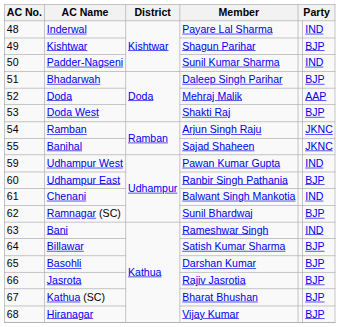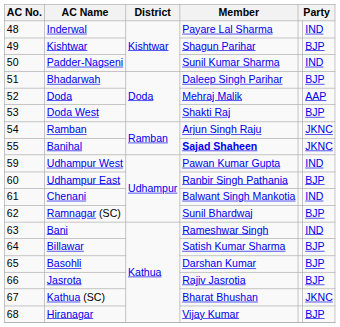 <table class="wikitable">
 <tr>
 <th>AC No.</th>
 <th>AC Name</th>
 <th>District</th>
 <th>Member</th>
 <th colspan="2">Party</th>
 </tr>
 <tr>
 <td>48</td>
 <td><a href='#'>Inderwal</a></td>
 <td rowspan="3"><a href='#'>Kishtwar</a></td>
 <td><a href='#'>Payare Lal Sharma</a></td>
 <td style="background-color: "></td>
 <td><a href='#'>IND</a></td>
 </tr>
 <tr>
 <td>49</td>
 <td><a href='#'>Kishtwar</a></td>
 <td><a href='#'>Shagun Parihar</a></td>
 <td style="background-color: "></td>
 <td><a href='#'>BJP</a></td>
 </tr>
 <tr>
 <td>50</td>
 <td><a href='#'>Padder-Nagseni</a></td>
 <td><a href='#'>Sunil Kumar Sharma</a></td>
 <td style="background-color: "></td>
 <td><a href='#'>IND</a></td>
 </tr>
 <tr>
 <td>51</td>
 <td><a href='#'>Bhadarwah</a></td>
 <td rowspan="3"><a href='#'>Doda</a></td>
 <td><a href='#'>Daleep Singh Parihar</a></td>
 <td style="background-color: "></td>
 <td><a href='#'>BJP</a></td>
 </tr>
 <tr>
 <td>52</td>
 <td><a href='#'>Doda</a></td>
 <td><a href='#'>Mehraj Malik</a></td>
 <td style="background-color: "></td>
 <td><a href='#'>AAP</a></td>
 </tr>
 <tr>
 <td>53</td>
 <td><a href='#'>Doda West</a></td>
 <td><a href='#'>Shakti Raj</a></td>
 <td style="background-color: "></td>
 <td><a href='#'>BJP</a></td>
 </tr>
 <tr>
 <td>54</td>
 <td><a href='#'>Ramban</a></td>
 <td rowspan="2"><a href='#'>Ramban</a></td>
 <td><a href='#'>Arjun Singh Raju</a></td>
 <td style="background-color: "></td>
 <td><a href='#'>JKNC</a></td>
 </tr>
 <tr>
 <td>55</td>
 <td><a href='#'>Banihal</a></td>
-<td><a href='#'>Sajad Shaheen</a></td>
+<td><strong><a href='#'>Sajad Shaheen</a></strong></td>
 <td style="background-color: "></td>
 <td><a href='#'>JKNC</a></td>
 </tr>
 <tr>
 <td>59</td>
 <td><a href='#'>Udhampur West</a></td>
 <td rowspan="4"><a href='#'>Udhampur</a></td>
 <td><a href='#'>Pawan Kumar Gupta</a></td>
 <td style="background-color: "></td>
 <td><a href='#'>IND</a></td>
 </tr>
 <tr>
 <td>60</td>
 <td><a href='#'>Udhampur East</a></td>
 <td><a href='#'>Ranbir Singh Pathania</a></td>
 <td style="background-color: "></td>
 <td><a href='#'>BJP</a></td>
 </tr>
 <tr>
 <td>61</td>
 <td><a href='#'>Chenani</a></td>
 <td><a href='#'>Balwant Singh Mankotia</a></td>
 <td style="background-color: "></td>
 <td><a href='#'>IND</a></td>
 </tr>
 <tr>
 <td>62</td>
 <td><a href='#'>Ramnagar</a> (SC)</td>
 <td><a href='#'>Sunil Bhardwaj</a></td>
 <td style="background-color: "></td>
 <td><a href='#'>BJP</a></td>
 </tr>
 <tr>
 <td>63</td>
 <td><a href='#'>Bani</a></td>
 <td rowspan="6"><a href='#'>Kathua</a></td>
 <td><a href='#'>Rameshwar Singh</a></td>
 <td style="background-color:"></td>
 <td><a href='#'>IND</a></td>
 </tr>
 <tr>
 <td>64</td>
 <td><a href='#'>Billawar</a></td>
 <td><a href='#'>Satish Kumar Sharma</a></td>
 <td></td>
 <td><a href='#'>BJP</a></td>
 </tr>
 <tr>
 <td>65</td>
 <td><a href='#'>Basohli</a></td>
 <td><a href='#'>Darshan Kumar</a></td>
 <td></td>
 <td><a href='#'>BJP</a></td>
 </tr>
 <tr>
 <td>66</td>
 <td><a href='#'>Jasrota</a></td>
 <td><a href='#'>Rajiv Jasrotia</a></td>
 <td></td>
 <td><a href='#'>BJP</a></td>
 </tr>
 <tr>
 <td>67</td>
 <td><a href='#'>Kathua</a> (SC)</td>
 <td><a href='#'>Bharat Bhushan</a></td>
 <td></td>
-<td><a href='#'>BJP</a></td>
+<td><a href='#'>JKNC</a></td>
 </tr>
 <tr>
 <td>68</td>
 <td><a href='#'>Hiranagar</a></td>
 <td><a href='#'>Vijay Kumar</a></td>
 <td></td>
 <td><a href='#'>BJP</a></td>
 </tr>
 <tr>
 </tr>
 </table>
